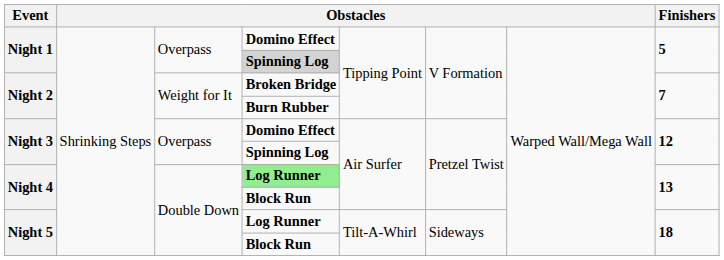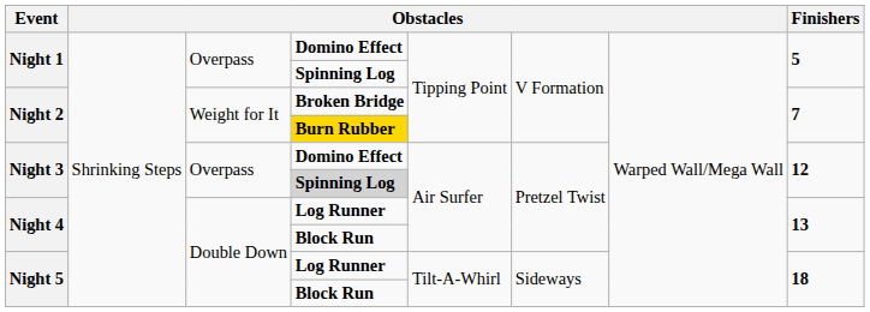 <table class="wikitable">
 <tr>
 <th>Event</th>
 <th colspan="6">Obstacles</th>
 <th>Finishers</th>
 </tr>
 <tr>
 <th rowspan="2">Night 1</th>
 <td rowspan="10">Shrinking Steps</td>
 <td rowspan="2">Overpass</td>
 <td><strong>Domino Effect</strong></td>
 <td rowspan="4">Tipping Point</td>
 <td rowspan="4">V Formation</td>
 <td rowspan="10">Warped Wall/Mega Wall</td>
 <td rowspan="2"><strong>5</strong></td>
 </tr>
 <tr>
-<td style="background: lightgrey;"><strong>Spinning Log</strong></td>
+<td><strong>Spinning Log</strong></td>
 </tr>
 <tr>
 <th rowspan="2">Night 2</th>
 <td rowspan="2">Weight for It</td>
 <td><strong>Broken Bridge</strong></td>
 <td rowspan="2"><strong>7</strong></td>
 </tr>
 <tr>
-<td><strong>Burn Rubber</strong></td>
+<td style="background: gold;"><strong>Burn Rubber</strong></td>
 </tr>
 <tr>
 <th rowspan="2">Night 3</th>
 <td rowspan="2">Overpass</td>
 <td><strong>Domino Effect</strong></td>
 <td rowspan="4">Air Surfer</td>
 <td rowspan="4">Pretzel Twist</td>
 <td rowspan="2"><strong>12</strong></td>
 </tr>
 <tr>
-<td><strong>Spinning Log</strong></td>
+<td style="background: lightgrey;"><strong>Spinning Log</strong></td>
 </tr>
 <tr>
 <th rowspan="2">Night 4</th>
 <td rowspan="4">Double Down</td>
-<td style="background: lightgreen;"><strong>Log Runner</strong></td>
+<td><strong>Log Runner</strong></td>
 <td rowspan="2"><strong>13</strong></td>
 </tr>
 <tr>
 <td><strong>Block Run</strong></td>
 </tr>
 <tr>
 <th rowspan="2">Night 5</th>
 <td><strong>Log Runner</strong></td>
 <td rowspan="2">Tilt-A-Whirl</td>
 <td rowspan="2">Sideways</td>
 <td rowspan="2"><strong>18</strong></td>
 </tr>
 <tr>
 <td><strong>Block Run</strong></td>
 </tr>
 </table>
